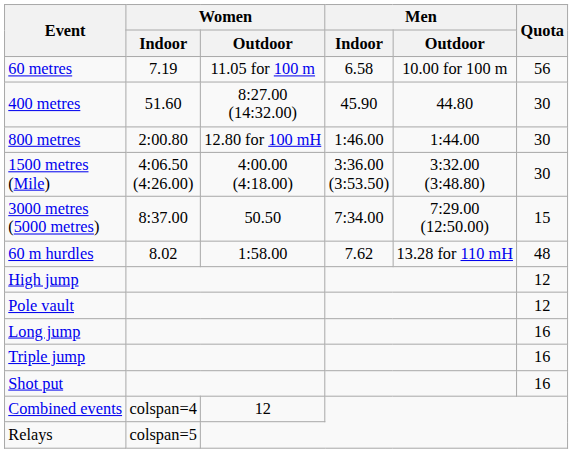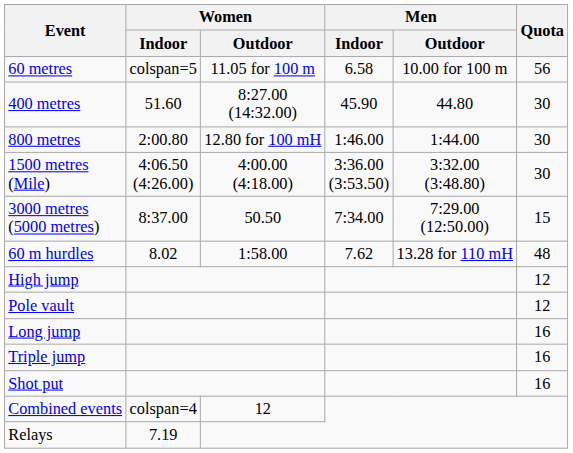 <table class="wikitable mw-datatable mw-collapsible" style="text-align:center;">
 <tr>
 <th rowspan=2>Event</th>
 <th colspan=2>Women</th>
 <th colspan=2>Men</th>
 <th rowspan=2>Quota</th>
 </tr>
 <tr>
 <th>Indoor</th>
 <th>Outdoor</th>
 <th>Indoor</th>
 <th>Outdoor</th>
 </tr>
 <tr>
 <td align=left><a href='#'>60 metres</a></td>
-<td>7.19</td>
+<td>colspan=5 </td>
 <td>11.05 for <a href='#'>100 m</a></td>
 <td>6.58</td>
 <td>10.00 for 100 m</td>
 <td>56</td>
 </tr>
 <tr>
 <td align=left><a href='#'>400 metres</a></td>
 <td>51.60</td>
 <td>8:27.00<br>(14:32.00)</td>
 <td>45.90</td>
 <td>44.80</td>
 <td>30</td>
 </tr>
 <tr>
 <td align=left><a href='#'>800 metres</a></td>
 <td>2:00.80</td>
 <td>12.80 for <a href='#'>100 mH</a></td>
 <td>1:46.00</td>
 <td>1:44.00</td>
 <td>30</td>
 </tr>
 <tr>
 <td align=left><a href='#'>1500 metres</a><br>(<a href='#'>Mile</a>)</td>
 <td>4:06.50<br>(4:26.00)</td>
 <td>4:00.00<br>(4:18.00)</td>
 <td>3:36.00<br>(3:53.50)</td>
 <td>3:32.00<br>(3:48.80)</td>
 <td>30</td>
 </tr>
 <tr>
 <td align=left><a href='#'>3000 metres</a><br>(<a href='#'>5000 metres</a>)</td>
 <td>8:37.00</td>
 <td>50.50</td>
 <td>7:34.00</td>
 <td>7:29.00<br>(12:50.00)</td>
 <td>15</td>
 </tr>
 <tr>
 <td align=left><a href='#'>60 m hurdles</a></td>
 <td>8.02</td>
 <td>1:58.00</td>
 <td>7.62</td>
 <td>13.28 for <a href='#'>110 mH</a></td>
 <td>48</td>
 </tr>
 <tr>
 <td align=left><a href='#'>High jump</a></td>
 <td colspan=2></td>
 <td colspan=2></td>
 <td>12</td>
 </tr>
 <tr>
 <td align=left><a href='#'>Pole vault</a></td>
 <td colspan=2></td>
 <td colspan=2></td>
 <td>12</td>
 </tr>
 <tr>
 <td align=left><a href='#'>Long jump</a></td>
 <td colspan=2></td>
 <td colspan=2></td>
 <td>16</td>
 </tr>
 <tr>
 <td align=left><a href='#'>Triple jump</a></td>
 <td colspan=2></td>
 <td colspan=2></td>
 <td>16</td>
 </tr>
 <tr>
 <td align=left><a href='#'>Shot put</a></td>
 <td colspan=2></td>
 <td colspan=2></td>
 <td>16</td>
 </tr>
 <tr>
 <td align=left><a href='#'>Combined events</a></td>
 <td>colspan=4 </td>
 <td>12</td>
 </tr>
 <tr>
 <td align=left>Relays</td>
-<td>colspan=5 </td>
+<td>7.19</td>
 </tr>
 </table>
